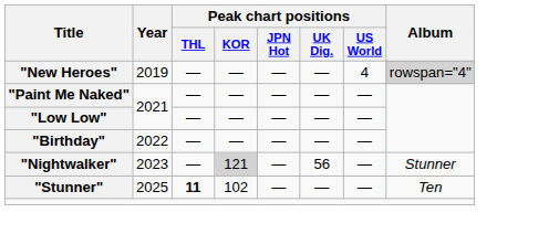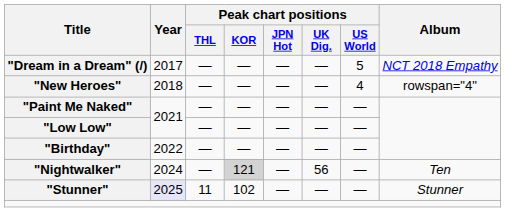 <table class="wikitable plainrowheaders" style="text-align:center">
 <tr>
 <th scope="col" rowspan="2">Title</th>
 <th scope="col" rowspan="2">Year</th>
 <th scope="col" colspan="5">Peak chart positions</th>
 <th scope="col" rowspan="2">Album</th>
 </tr>
 <tr>
 <th scope="col" style="width:3em;font-size:85%"><a href='#'>THL</a><br></th>
 <th scope="col" style="width:3em;font-size:85%"><a href='#'>KOR</a><br></th>
 <th scope="col" style="width:3em;font-size:85%"><a href='#'>JPN<br>Hot</a></th>
 <th scope="col" style="width:3em;font-size:85%"><a href='#'>UK Dig.</a><br></th>
 <th scope="col" style="width:3em;font-size:85%"><a href='#'>US<br>World</a><br></th>
 </tr>
 <tr>
+<th scope="row">"Dream in a Dream" (/)<br></th>
+<td>2017</td>
+<td>—</td>
+<td>—</td>
+<td>—</td>
+<td>—</td>
+<td>5</td>
+<td><em><a href='#'>NCT 2018 Empathy</a></em></td>
+</tr>
+<tr>
 <th scope="row">"New Heroes"</th>
-<td>2019</td>
+<td>2018</td>
 <td>—</td>
 <td>—</td>
 <td>—</td>
 <td>—</td>
 <td>4</td>
-<td style="background: lightgrey;">rowspan="4" </td>
+<td>rowspan="4" </td>
 </tr>
 <tr>
 <th scope="row">"Paint Me Naked"</th>
 <td rowspan="2">2021</td>
 <td>—</td>
 <td>—</td>
 <td>—</td>
 <td>—</td>
 <td>—</td>
 </tr>
 <tr>
 <th scope="row">"Low Low"<br></th>
 <td>—</td>
 <td>—</td>
 <td>—</td>
 <td>—</td>
 <td>—</td>
 </tr>
 <tr>
 <th scope="row">"Birthday"</th>
 <td>2022</td>
 <td>—</td>
 <td>—</td>
 <td>—</td>
 <td>—</td>
 <td>—</td>
 </tr>
 <tr>
 <th scope="row">"Nightwalker"</th>
-<td>2023</td>
+<td>2024</td>
 <td>—</td>
 <td style="background: lightgrey;">121</td>
 <td>—</td>
 <td>56</td>
 <td>—</td>
-<td><em>Stunner</em></td>
+<td><em>Ten</em></td>
 </tr>
 <tr>
 <th scope="row">"Stunner"</th>
-<td>2025</td>
-<td><strong>11</strong></td>
+<td style="background: lavender;">2025</td>
+<td>11</td>
 <td>102</td>
 <td>—</td>
 <td>—</td>
 <td>—</td>
-<td><em>Ten</em></td>
+<td><em>Stunner</em></td>
 </tr>
 <tr>
 <td colspan="8"></td>
 </tr>
 </table>
